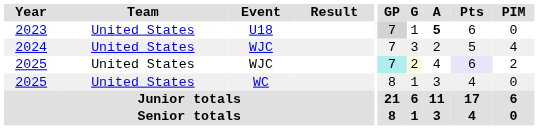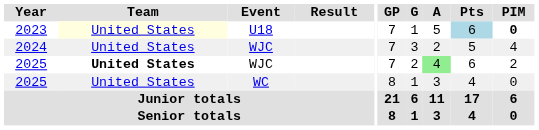 <table border="0" cellpadding="1" cellspacing="0" ID="Table3" style="text-align:center; width:40em;">
 <tr bgcolor="#e0e0e0">
 <th>Year</th>
 <th>Team</th>
 <th>Event</th>
 <th>Result</th>
 <th rowspan="98" bgcolor="#ffffff"></th>
 <th>GP</th>
 <th>G</th>
 <th>A</th>
 <th>Pts</th>
 <th>PIM</th>
 </tr>
 <tr>
 <td><a href='#'>2023</a></td>
-<td><a href='#'>United States</a></td>
+<td style="background: lightyellow;"><a href='#'>United States</a></td>
 <td><a href='#'>U18</a></td>
 <td></td>
-<td style="background: lightgrey;">7</td>
+<td>7</td>
 <td>1</td>
-<td><strong>5</strong></td>
-<td>6</td>
-<td>0</td>
+<td>5</td>
+<td style="background: lightblue;">6</td>
+<td><strong>0</strong></td>
 </tr>
 <tr bgcolor="#f0f0f0">
 <td><a href='#'>2024</a></td>
 <td><a href='#'>United States</a></td>
 <td><a href='#'>WJC</a></td>
 <td></td>
 <td>7</td>
 <td>3</td>
 <td>2</td>
 <td>5</td>
 <td>4</td>
 </tr>
 <tr>
 <td><a href='#'>2025</a></td>
-<td>United States</td>
+<td><strong>United States</strong></td>
 <td>WJC</td>
 <td></td>
-<td style="background: paleturquoise;">7</td>
-<td style="background: lightyellow;">2</td>
-<td>4</td>
-<td style="background: lavender;">6</td>
+<td>7</td>
+<td>2</td>
+<td style="background: lightgreen;">4</td>
+<td>6</td>
 <td>2</td>
 </tr>
 <tr bgcolor="#f0f0f0">
 <td><a href='#'>2025</a></td>
 <td><a href='#'>United States</a></td>
 <td><a href='#'>WC</a></td>
 <td></td>
 <td>8</td>
 <td>1</td>
 <td>3</td>
 <td>4</td>
 <td>0</td>
 </tr>
 <tr bgcolor="#e0e0e0">
 <th colspan="4">Junior totals</th>
 <th>21</th>
 <th>6</th>
 <th>11</th>
 <th>17</th>
 <th>6</th>
 </tr>
 <tr bgcolor="#e0e0e0">
 <th colspan="4">Senior totals</th>
 <th>8</th>
 <th>1</th>
 <th>3</th>
 <th>4</th>
 <th>0</th>
 </tr>
 </table>
